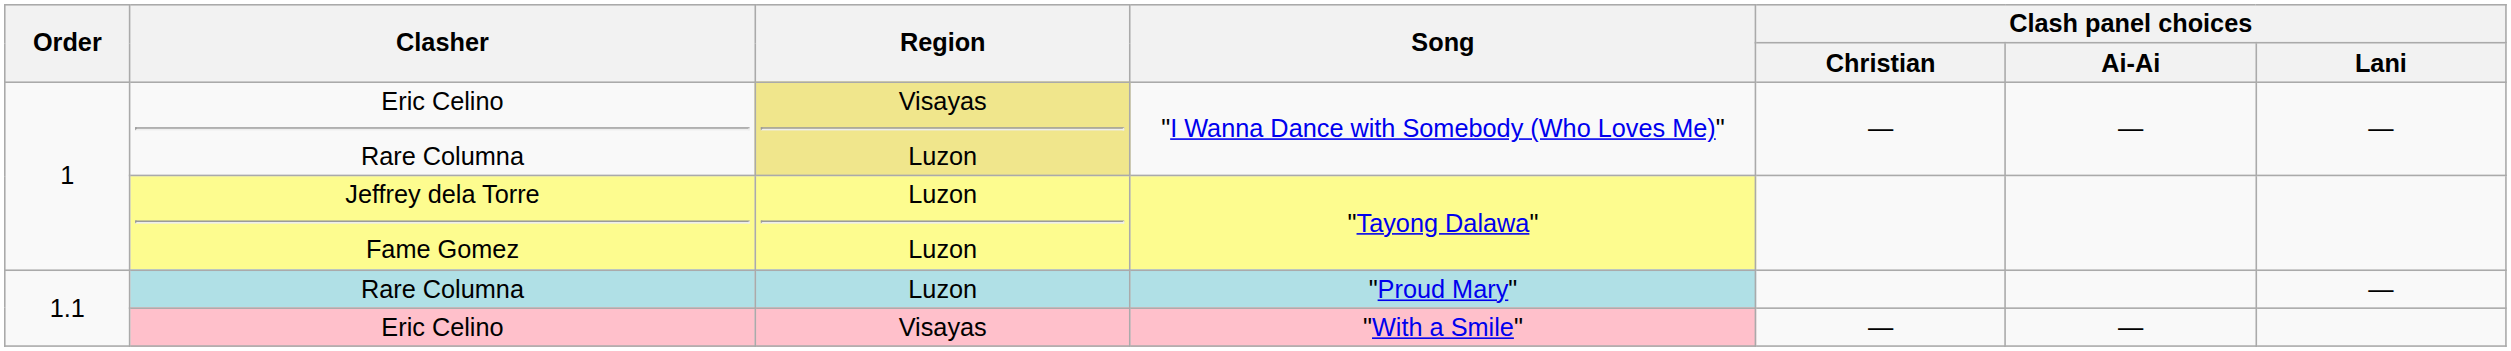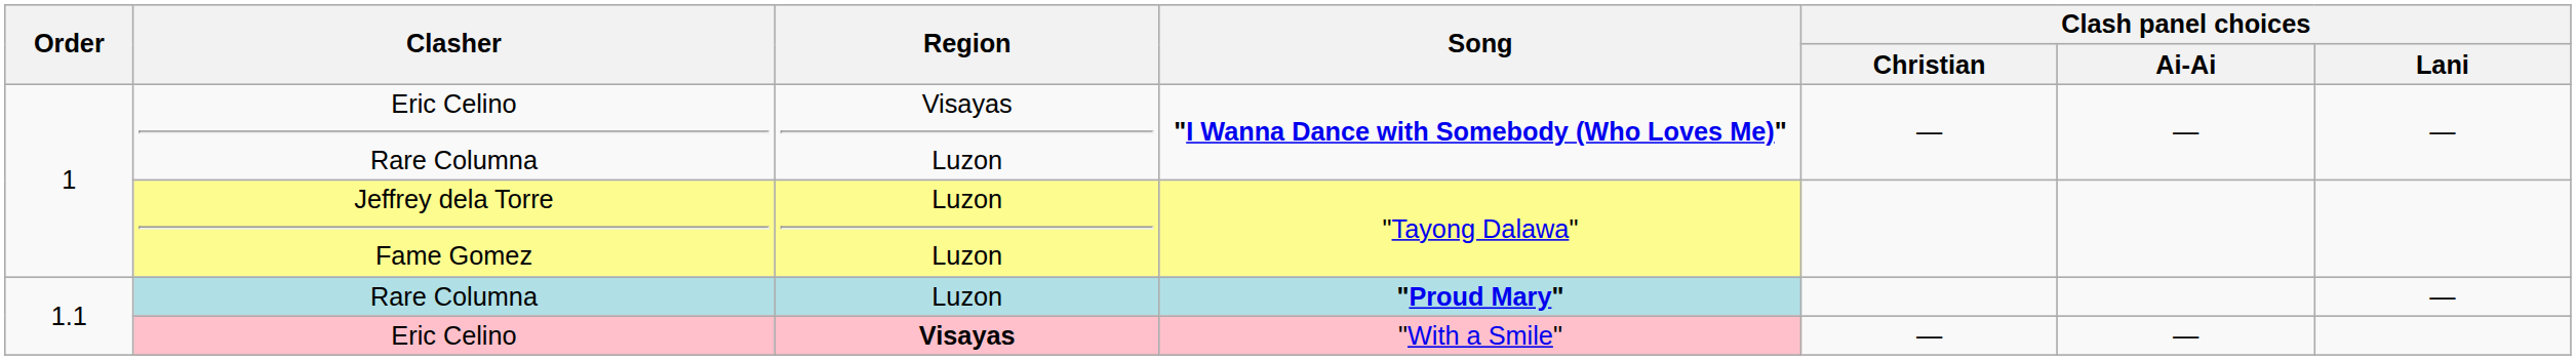 <table class="wikitable" style="text-align:center; line-height:17px; width:100%;">
 <tr>
 <th rowspan="2" width="5%">Order</th>
 <th rowspan="2" width="25%">Clasher</th>
 <th rowspan="2">Region</th>
 <th rowspan="2" width="25%">Song</th>
 <th colspan="3" width="30%">Clash panel choices</th>
 </tr>
 <tr>
 <th width="10%">Christian</th>
 <th width="10%">Ai-Ai</th>
 <th width="10%">Lani</th>
 </tr>
 <tr>
 <td rowspan="2">1</td>
 <td>Eric Celino<hr>Rare Columna</td>
-<td style="background: khaki;">Visayas<hr>Luzon</td>
-<td>"<a href='#'>I Wanna Dance with Somebody (Who Loves Me)</a>"</td>
+<td>Visayas<hr>Luzon</td>
+<td><strong>"<a href='#'>I Wanna Dance with Somebody (Who Loves Me)</a>"</strong></td>
 <td>—</td>
 <td>—</td>
 <td>—</td>
 </tr>
 <tr>
 <td style="background:#fdfc8f;">Jeffrey dela Torre<hr>Fame Gomez</td>
 <td style="background:#fdfc8f;">Luzon<hr>Luzon</td>
 <td style="background:#fdfc8f;">"<a href='#'>Tayong Dalawa</a>"</td>
 <td><strong></strong></td>
 <td><strong></strong></td>
 <td><strong></strong></td>
 </tr>
 <tr>
 <td rowspan="2">1.1</td>
 <td style="background:#b0e0e6;">Rare Columna</td>
 <td style="background:#b0e0e6;">Luzon</td>
-<td style="background:#b0e0e6;">"<a href='#'>Proud Mary</a>"</td>
+<td style="background:#b0e0e6;"><strong>"<a href='#'>Proud Mary</a>"</strong></td>
 <td><strong></strong></td>
 <td><strong></strong></td>
 <td>—</td>
 </tr>
 <tr>
 <td style="background:pink;">Eric Celino</td>
-<td style="background:pink;">Visayas</td>
+<td style="background:pink;"><strong>Visayas</strong></td>
 <td style="background:pink;">"<a href='#'>With a Smile</a>"</td>
 <td>—</td>
 <td>—</td>
 <td><strong></strong></td>
 </tr>
 </table>
